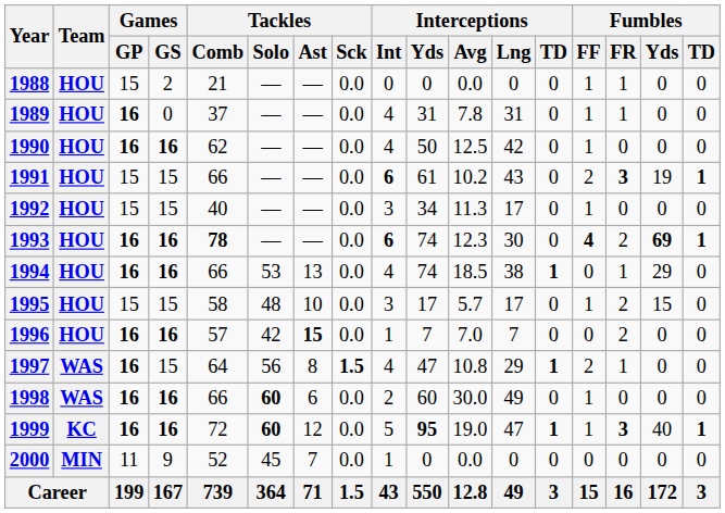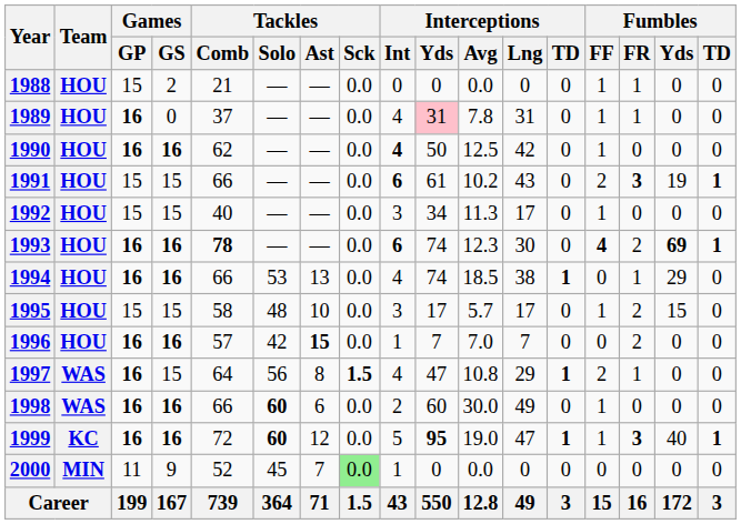 <table class="wikitable" style="text-align:center">
 <tr>
 <th rowspan="2">Year</th>
 <th rowspan="2">Team</th>
 <th colspan="2">Games</th>
 <th colspan="4">Tackles</th>
 <th colspan="5">Interceptions</th>
 <th colspan="4">Fumbles</th>
 </tr>
 <tr>
 <th>GP</th>
 <th>GS</th>
 <th>Comb</th>
 <th>Solo</th>
 <th>Ast</th>
 <th>Sck</th>
 <th>Int</th>
 <th>Yds</th>
 <th>Avg</th>
 <th>Lng</th>
 <th>TD</th>
 <th>FF</th>
 <th>FR</th>
 <th>Yds</th>
 <th>TD</th>
 </tr>
 <tr>
 <th><a href='#'>1988</a></th>
 <th><a href='#'>HOU</a></th>
 <td>15</td>
 <td>2</td>
 <td>21</td>
 <td>—</td>
 <td>—</td>
 <td>0.0</td>
 <td>0</td>
 <td>0</td>
 <td>0.0</td>
 <td>0</td>
 <td>0</td>
 <td>1</td>
 <td>1</td>
 <td>0</td>
 <td>0</td>
 </tr>
 <tr>
 <th><a href='#'>1989</a></th>
 <th><a href='#'>HOU</a></th>
 <td><strong>16</strong></td>
 <td>0</td>
 <td>37</td>
 <td>—</td>
 <td>—</td>
 <td>0.0</td>
 <td>4</td>
-<td>31</td>
+<td style="background: pink;">31</td>
 <td>7.8</td>
 <td>31</td>
 <td>0</td>
 <td>1</td>
 <td>1</td>
 <td>0</td>
 <td>0</td>
 </tr>
 <tr>
 <th><a href='#'>1990</a></th>
 <th><a href='#'>HOU</a></th>
 <td><strong>16</strong></td>
 <td><strong>16</strong></td>
 <td>62</td>
 <td>—</td>
 <td>—</td>
 <td>0.0</td>
-<td>4</td>
+<td><strong>4</strong></td>
 <td>50</td>
 <td>12.5</td>
 <td>42</td>
 <td>0</td>
 <td>1</td>
 <td>0</td>
 <td>0</td>
 <td>0</td>
 </tr>
 <tr>
 <th><a href='#'>1991</a></th>
 <th><a href='#'>HOU</a></th>
 <td>15</td>
 <td>15</td>
 <td>66</td>
 <td>—</td>
 <td>—</td>
 <td>0.0</td>
 <td><strong>6</strong></td>
 <td>61</td>
 <td>10.2</td>
 <td>43</td>
 <td>0</td>
 <td>2</td>
 <td><strong>3</strong></td>
 <td>19</td>
 <td><strong>1</strong></td>
 </tr>
 <tr>
 <th><a href='#'>1992</a></th>
 <th><a href='#'>HOU</a></th>
 <td>15</td>
 <td>15</td>
 <td>40</td>
 <td>—</td>
 <td>—</td>
 <td>0.0</td>
 <td>3</td>
 <td>34</td>
 <td>11.3</td>
 <td>17</td>
 <td>0</td>
 <td>1</td>
 <td>0</td>
 <td>0</td>
 <td>0</td>
 </tr>
 <tr>
 <th><a href='#'>1993</a></th>
 <th><a href='#'>HOU</a></th>
 <td><strong>16</strong></td>
 <td><strong>16</strong></td>
 <td><strong>78</strong></td>
 <td>—</td>
 <td>—</td>
 <td>0.0</td>
 <td><strong>6</strong></td>
 <td>74</td>
 <td>12.3</td>
 <td>30</td>
 <td>0</td>
 <td><strong>4</strong></td>
 <td>2</td>
 <td><strong>69</strong></td>
 <td><strong>1</strong></td>
 </tr>
 <tr>
 <th><a href='#'>1994</a></th>
 <th><a href='#'>HOU</a></th>
 <td><strong>16</strong></td>
 <td><strong>16</strong></td>
 <td>66</td>
 <td>53</td>
 <td>13</td>
 <td>0.0</td>
 <td>4</td>
 <td>74</td>
 <td>18.5</td>
 <td>38</td>
 <td><strong>1</strong></td>
 <td>0</td>
 <td>1</td>
 <td>29</td>
 <td>0</td>
 </tr>
 <tr>
 <th><a href='#'>1995</a></th>
 <th><a href='#'>HOU</a></th>
 <td>15</td>
 <td>15</td>
 <td>58</td>
 <td>48</td>
 <td>10</td>
 <td>0.0</td>
 <td>3</td>
 <td>17</td>
 <td>5.7</td>
 <td>17</td>
 <td>0</td>
 <td>1</td>
 <td>2</td>
 <td>15</td>
 <td>0</td>
 </tr>
 <tr>
 <th><a href='#'>1996</a></th>
 <th><a href='#'>HOU</a></th>
 <td><strong>16</strong></td>
 <td><strong>16</strong></td>
 <td>57</td>
 <td>42</td>
 <td><strong>15</strong></td>
 <td>0.0</td>
 <td>1</td>
 <td>7</td>
 <td>7.0</td>
 <td>7</td>
 <td>0</td>
 <td>0</td>
 <td>2</td>
 <td>0</td>
 <td>0</td>
 </tr>
 <tr>
 <th><a href='#'>1997</a></th>
 <th><a href='#'>WAS</a></th>
 <td><strong>16</strong></td>
 <td>15</td>
 <td>64</td>
 <td>56</td>
 <td>8</td>
 <td><strong>1.5</strong></td>
 <td>4</td>
 <td>47</td>
 <td>10.8</td>
 <td>29</td>
 <td><strong>1</strong></td>
 <td>2</td>
 <td>1</td>
 <td>0</td>
 <td>0</td>
 </tr>
 <tr>
 <th><a href='#'>1998</a></th>
 <th><a href='#'>WAS</a></th>
 <td><strong>16</strong></td>
 <td><strong>16</strong></td>
 <td>66</td>
 <td><strong>60</strong></td>
 <td>6</td>
 <td>0.0</td>
 <td>2</td>
 <td>60</td>
 <td>30.0</td>
 <td>49</td>
 <td>0</td>
 <td>1</td>
 <td>0</td>
 <td>0</td>
 <td>0</td>
 </tr>
 <tr>
 <th><a href='#'>1999</a></th>
 <th><a href='#'>KC</a></th>
 <td><strong>16</strong></td>
 <td><strong>16</strong></td>
 <td>72</td>
 <td><strong>60</strong></td>
 <td>12</td>
 <td>0.0</td>
 <td>5</td>
 <td><strong>95</strong></td>
 <td>19.0</td>
 <td>47</td>
 <td><strong>1</strong></td>
 <td>1</td>
 <td><strong>3</strong></td>
 <td>40</td>
 <td><strong>1</strong></td>
 </tr>
 <tr>
 <th><a href='#'>2000</a></th>
 <th><a href='#'>MIN</a></th>
 <td>11</td>
 <td>9</td>
 <td>52</td>
 <td>45</td>
 <td>7</td>
-<td>0.0</td>
+<td style="background: lightgreen;">0.0</td>
 <td>1</td>
 <td>0</td>
 <td>0.0</td>
 <td>0</td>
 <td>0</td>
 <td>0</td>
 <td>0</td>
 <td>0</td>
 <td>0</td>
 </tr>
 <tr>
 <th colspan="2">Career</th>
 <th>199</th>
 <th>167</th>
 <th>739</th>
 <th>364</th>
 <th>71</th>
 <th>1.5</th>
 <th>43</th>
 <th>550</th>
 <th>12.8</th>
 <th>49</th>
 <th>3</th>
 <th>15</th>
 <th>16</th>
 <th>172</th>
 <th>3</th>
 </tr>
 </table>
